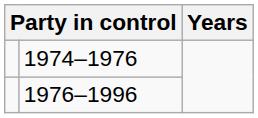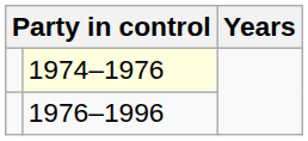 <table class="wikitable">
 <tr>
 <th colspan="2">Party in control</th>
 <th>Years</th>
 </tr>
 <tr>
 <td></td>
-<td>1974–1976</td>
+<td style="background: lightyellow;">1974–1976</td>
 </tr>
 <tr>
 <td></td>
 <td>1976–1996</td>
 </tr>
 </table>
